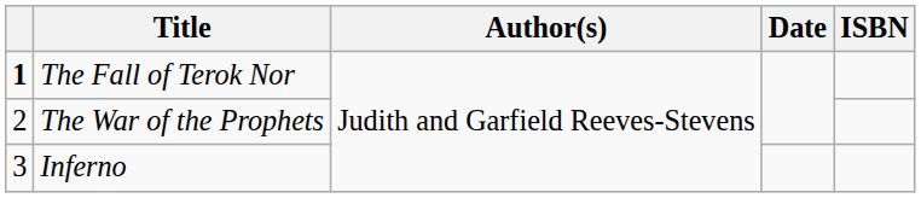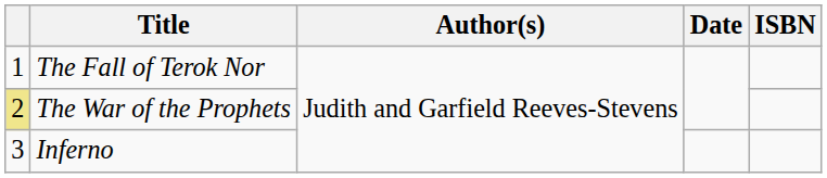 <table class="wikitable">
 <tr>
 <th></th>
 <th>Title</th>
 <th>Author(s)</th>
 <th>Date</th>
 <th>ISBN</th>
 </tr>
 <tr>
-<td><strong>1</strong></td>
+<td>1</td>
 <td><em>The Fall of Terok Nor</em></td>
 <td rowspan="3">Judith and Garfield Reeves-Stevens</td>
 <td rowspan="2"></td>
 <td></td>
 </tr>
 <tr>
-<td>2</td>
+<td style="background: khaki;">2</td>
 <td><em>The War of the Prophets</em></td>
 <td></td>
 </tr>
 <tr>
 <td>3</td>
 <td><em>Inferno</em></td>
 <td></td>
 <td></td>
 </tr>
 </table>
